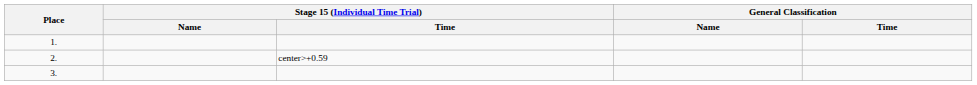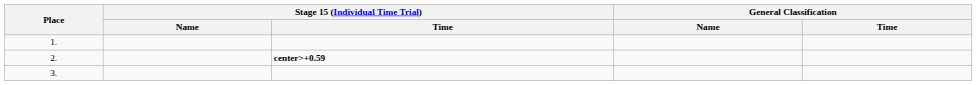 <table class=wikitable style="font-size:95%" width="80%">
 <tr>
 <th rowspan="2">Place</th>
 <th colspan="2">Stage 15 (<a href='#'>Individual Time Trial</a>)</th>
 <th colspan="2">General Classification</th>
 </tr>
 <tr>
 <th>Name</th>
 <th>Time</th>
 <th>Name</th>
 <th>Time</th>
 </tr>
 <tr>
 <td align="center">1.</td>
 <td></td>
 <td></td>
 <td></td>
 <td></td>
 </tr>
 <tr>
 <td align="center">2.</td>
 <td></td>
-<td>center>+0.59</td>
+<td><strong>center>+0.59</strong></td>
 <td></td>
 <td></td>
 </tr>
 <tr>
 <td align="center">3.</td>
 <td></td>
 <td></td>
 <td></td>
 <td></td>
 </tr>
 </table>
